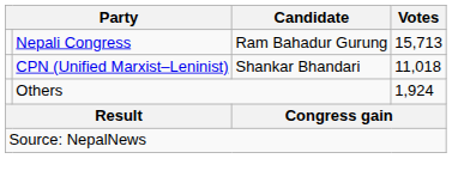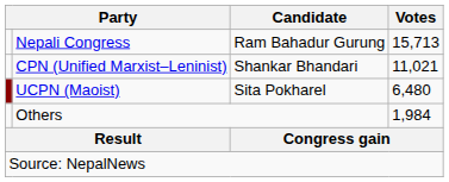 <table class="wikitable">
 <tr>
 <th colspan="2">Party</th>
 <th>Candidate</th>
 <th>Votes</th>
 </tr>
 <tr>
 <td style="background-color:"></td>
 <td><a href='#'>Nepali Congress</a></td>
 <td>Ram Bahadur Gurung</td>
 <td>15,713</td>
 </tr>
 <tr>
 <td style="background-color:"></td>
 <td><a href='#'>CPN (Unified Marxist–Leninist)</a></td>
 <td>Shankar Bhandari</td>
-<td>11,018</td>
+<td>11,021</td>
+</tr>
+<tr>
+<td style="background-color:darkred"></td>
+<td><a href='#'>UCPN (Maoist)</a></td>
+<td>Sita Pokharel</td>
+<td>6,480</td>
 </tr>
 <tr>
 <td></td>
 <td colspan="2">Others</td>
-<td>1,924</td>
+<td>1,984</td>
 </tr>
 <tr>
 <th colspan="2">Result</th>
 <th colspan="2">Congress gain</th>
 </tr>
 <tr>
 <td colspan="4">Source: NepalNews</td>
 </tr>
 </table>
